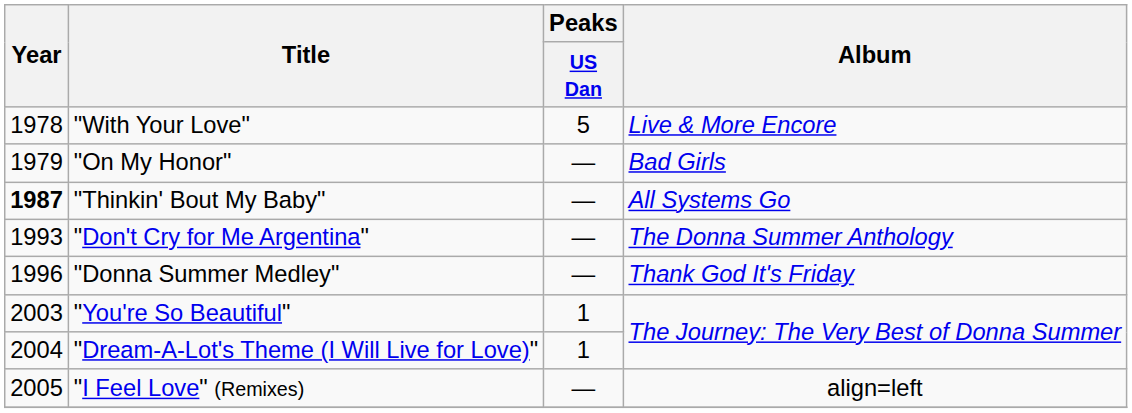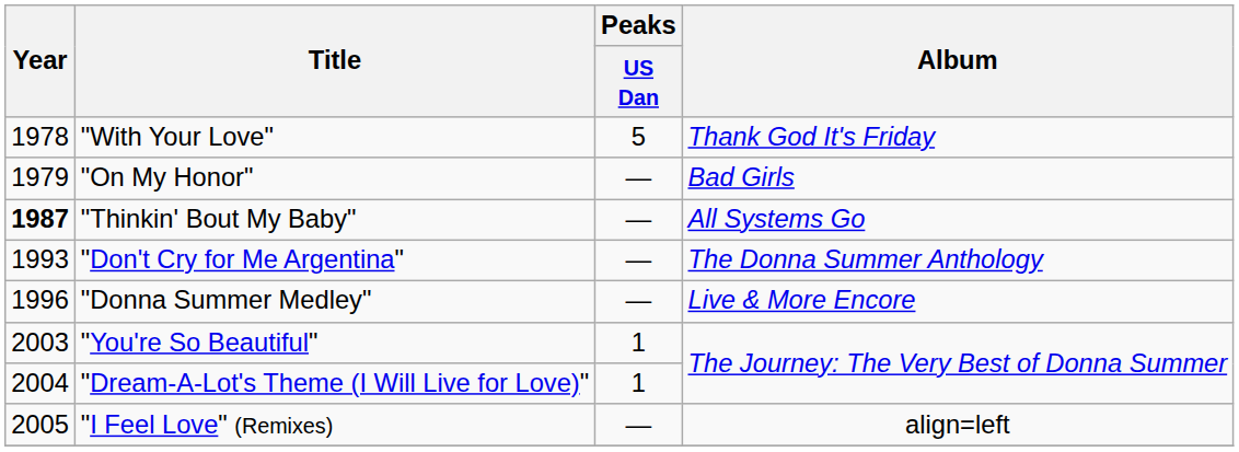 <table class="wikitable" style=text-align:center;>
 <tr>
 <th rowspan="2">Year</th>
 <th rowspan="2">Title</th>
 <th colspan="1">Peaks</th>
 <th rowspan="2">Album</th>
 </tr>
 <tr>
 <th width="25"><small><a href='#'>US<br>Dan</a><br></small></th>
 </tr>
 <tr>
 <td>1978</td>
 <td align=left>"With Your Love" </td>
 <td>5</td>
-<td align=left><em><a href='#'>Live & More Encore</a></em></td>
+<td align=left><em><a href='#'>Thank God It's Friday</a></em></td>
 </tr>
 <tr>
 <td>1979</td>
 <td align=left>"On My Honor" </td>
 <td>—</td>
 <td align=left><em><a href='#'>Bad Girls</a></em></td>
 </tr>
 <tr>
 <td><strong>1987</strong></td>
 <td align=left>"Thinkin' Bout My Baby" </td>
 <td>—</td>
 <td align=left><em><a href='#'>All Systems Go</a></em></td>
 </tr>
 <tr>
 <td>1993</td>
 <td align=left>"<a href='#'>Don't Cry for Me Argentina</a>" </td>
 <td>—</td>
 <td align=left><em><a href='#'>The Donna Summer Anthology</a></em></td>
 </tr>
 <tr>
 <td>1996</td>
 <td align=left>"Donna Summer Medley" </td>
 <td>—</td>
-<td align=left><em><a href='#'>Thank God It's Friday</a></em></td>
+<td align=left><em><a href='#'>Live & More Encore</a></em></td>
 </tr>
 <tr>
 <td>2003</td>
 <td align=left>"<a href='#'>You're So Beautiful</a>" </td>
 <td>1</td>
 <td align=left rowspan="2"><em><a href='#'>The Journey: The Very Best of Donna Summer</a></em></td>
 </tr>
 <tr>
 <td>2004</td>
 <td align=left>"<a href='#'>Dream-A-Lot's Theme (I Will Live for Love)</a>" </td>
 <td>1</td>
 </tr>
 <tr>
 <td>2005</td>
 <td align=left>"<a href='#'>I Feel Love</a>"  <small>(Remixes)</small></td>
 <td>—</td>
 <td>align=left </td>
 </tr>
 <tr>
 </tr>
 </table>
